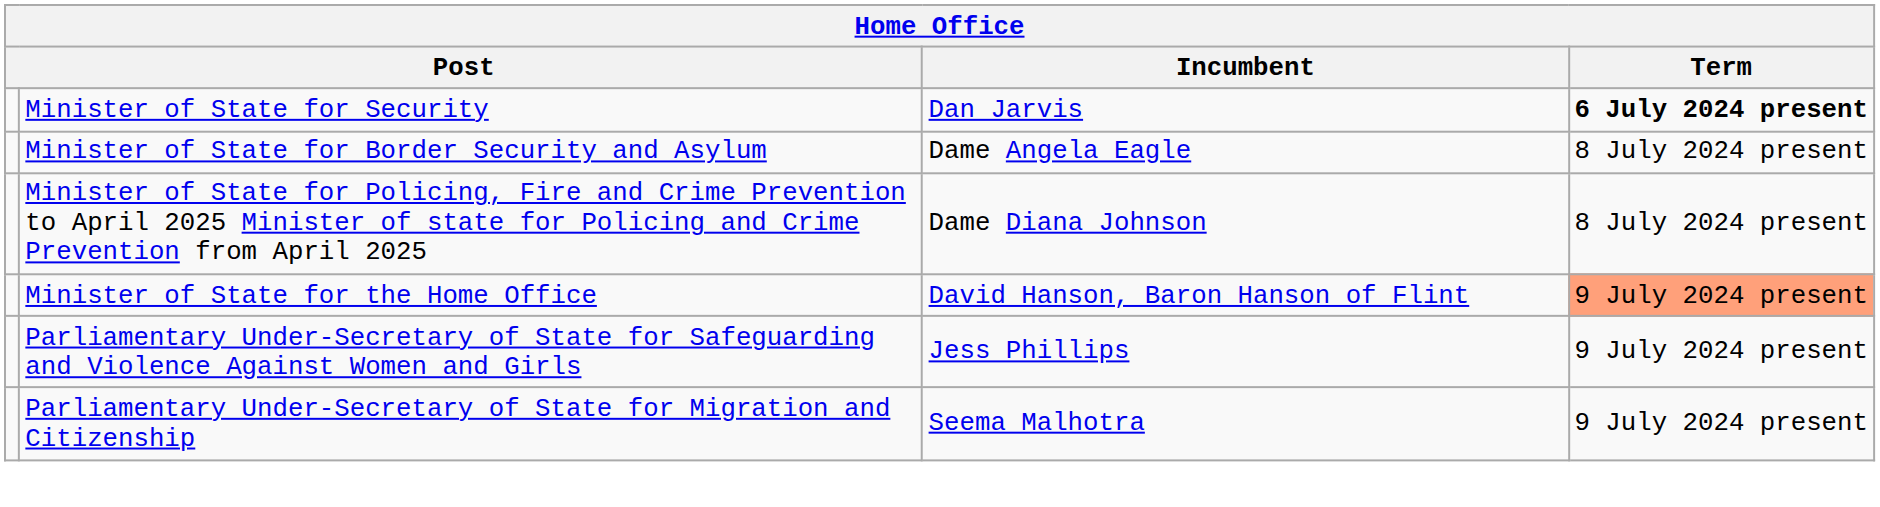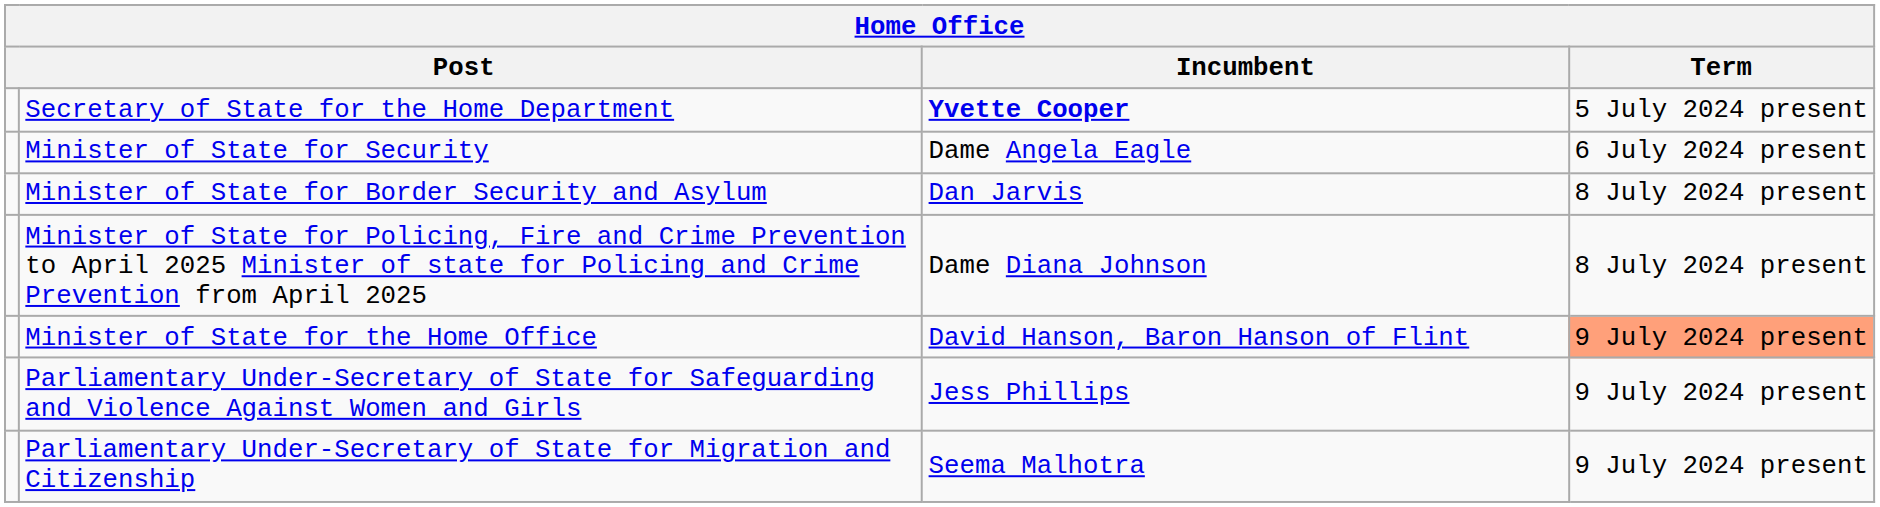 <table class="wikitable">
 <tr>
 <th colspan="4"><a href='#'>Home Office</a></th>
 </tr>
 <tr>
 <th colspan="2">Post</th>
 <th>Incumbent</th>
 <th>Term</th>
 </tr>
 <tr>
+<td style="width: 1px; background: "></td>
+<td style="width: 450px;"><a href='#'>Secretary of State for the Home Department</a></td>
+<td style="width: 320px;"><strong><a href='#'>Yvette Cooper</a></strong></td>
+<td>5 July 2024 present</td>
+</tr>
+<tr>
 <td rowspan="1" style="width: 1px; background: "></td>
 <td rowspan="1 "><a href='#'>Minister of State for Security</a></td>
-<td><a href='#'>Dan Jarvis</a></td>
-<td><strong>6 July 2024 present</strong></td>
+<td>Dame <a href='#'>Angela Eagle</a></td>
+<td>6 July 2024 present</td>
 </tr>
 <tr>
 <td rowspan="1" style="width: 1px; background: "></td>
 <td rowspan="1 "><a href='#'>Minister of State for Border Security and Asylum</a></td>
-<td>Dame <a href='#'>Angela Eagle</a></td>
+<td><a href='#'>Dan Jarvis</a></td>
 <td>8 July 2024 present</td>
 </tr>
 <tr>
 <td style="width: 1px; background: "></td>
 <td style="width: 450px;"><a href='#'>Minister of State for Policing, Fire and Crime Prevention</a> to April 2025 <a href='#'>Minister of state for Policing and Crime Prevention</a> from April 2025</td>
 <td style="width: 320px;">Dame <a href='#'>Diana Johnson</a></td>
 <td>8 July 2024 present</td>
 </tr>
 <tr>
 <td style="width: 1px; background: "></td>
 <td><a href='#'>Minister of State for the Home Office</a></td>
 <td><a href='#'>David Hanson, Baron Hanson of Flint</a> </td>
 <td style="background: lightsalmon;">9 July 2024 present</td>
 </tr>
 <tr>
 <td style="width: 1px; background: "></td>
 <td><a href='#'>Parliamentary Under-Secretary of State for Safeguarding and Violence Against Women and Girls</a></td>
 <td><a href='#'>Jess Phillips</a></td>
 <td>9 July 2024 present</td>
 </tr>
 <tr>
 <td style="width: 1px; background: "></td>
 <td><a href='#'>Parliamentary Under-Secretary of State for Migration and Citizenship</a></td>
 <td><a href='#'>Seema Malhotra</a></td>
 <td>9 July 2024 present</td>
 </tr>
 </table>
